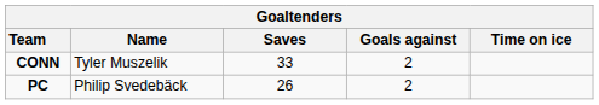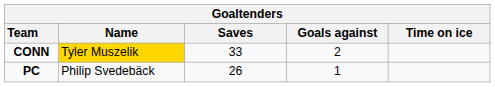 <table class="wikitable" style="width:40em; text-align:right;">
 <tr>
 <th colspan=5>Goaltenders</th>
 </tr>
 <tr>
 <th style="width:4em; text-align:left;">Team</th>
 <th style="width:10em;">Name</th>
 <th style="width:8em;">Saves</th>
 <th style="width:8em;">Goals against</th>
 <th style="width:8em;">Time on ice</th>
 </tr>
 <tr>
 <td align=center><strong>CONN</strong></td>
-<td style="text-align:left;">Tyler Muszelik</td>
+<td style="background: gold; text-align:left;">Tyler Muszelik</td>
 <td align=center>33</td>
 <td align=center>2</td>
 <td align=center></td>
 </tr>
 <tr>
 <td align=center><strong>PC</strong></td>
 <td style="text-align:left;">Philip Svedebäck</td>
 <td align=center>26</td>
-<td align=center>2</td>
+<td align=center>1</td>
 <td align=center></td>
 </tr>
 </table>
